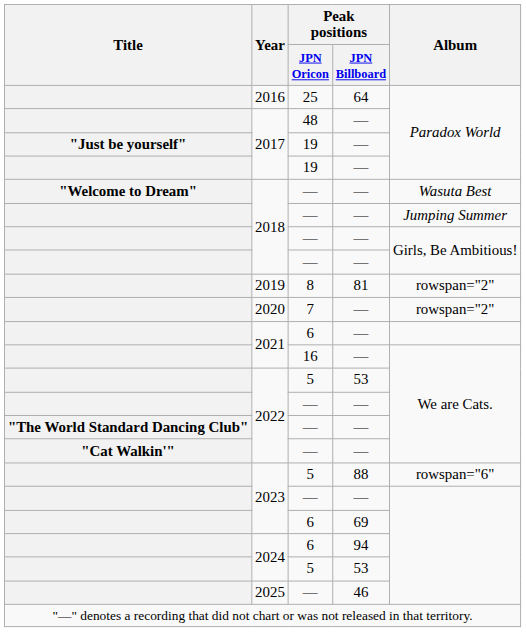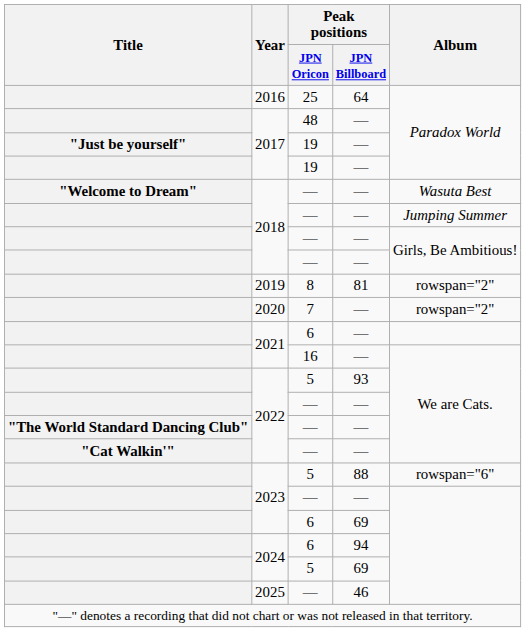 <table class="wikitable plainrowheaders" style="text-align:center;">
 <tr>
 <th scope="col" rowspan="2">Title</th>
 <th scope="col" rowspan="2">Year</th>
 <th scope="col" colspan="2">Peak<br> positions</th>
 <th scope="col" rowspan="2">Album</th>
 </tr>
 <tr>
 <th scope="col" colspan="1"><small><a href='#'>JPN<br>Oricon</a></small><br></th>
 <th scope="col"><small><a href='#'>JPN<br>Billboard</a></small><br></th>
 </tr>
 <tr>
 <th scope="row"></th>
 <td>2016</td>
 <td>25</td>
 <td>64</td>
 <td rowspan="4"><em>Paradox World</em></td>
 </tr>
 <tr>
 <th scope="row"></th>
 <td rowspan="3">2017</td>
 <td>48</td>
 <td>—</td>
 </tr>
 <tr>
 <th scope="row">"Just be yourself"</th>
 <td>19</td>
 <td>—</td>
 </tr>
 <tr>
 <th scope="row"></th>
 <td>19</td>
 <td>—</td>
 </tr>
 <tr>
 <th scope="row">"Welcome to Dream"</th>
 <td rowspan="4">2018</td>
 <td>—</td>
 <td>—</td>
 <td><em>Wasuta Best</em></td>
 </tr>
 <tr>
 <th scope="row"></th>
 <td>—</td>
 <td>—</td>
 <td><em>Jumping Summer</td>
 </tr>
 <tr>
 <th scope="row"></th>
 <td>—</td>
 <td>—</td>
 <td rowspan="2"></em>Girls, Be Ambitious!<em></td>
 </tr>
 <tr>
 <th scope="row"></th>
 <td>—</td>
 <td>—</td>
 </tr>
 <tr>
 <th scope="row"></th>
 <td>2019</td>
 <td>8</td>
 <td>81</td>
 <td>rowspan="2" </td>
 </tr>
 <tr>
 <th scope="row"></th>
 <td>2020</td>
 <td>7</td>
 <td>—</td>
 <td>rowspan="2" </td>
 </tr>
 <tr>
 <th scope="row"></th>
 <td rowspan="2">2021</td>
 <td>6</td>
 <td>—</td>
 </tr>
 <tr>
 <th scope="row"></th>
 <td>16</td>
 <td>—</td>
 <td rowspan="5"></em>We are Cats.<em></td>
 </tr>
 <tr>
 <th scope="row"></th>
 <td rowspan="4">2022</td>
 <td>5</td>
-<td>53</td>
+<td>93</td>
 </tr>
 <tr>
 <th scope="row"></th>
 <td>—</td>
 <td>—</td>
 </tr>
 <tr>
 <th scope="row">"The World Standard Dancing Club"</th>
 <td>—</td>
 <td>—</td>
 </tr>
 <tr>
 <th scope="row">"Cat Walkin'"</th>
 <td>—</td>
 <td>—</td>
 </tr>
 <tr>
 <th scope="row"></th>
 <td rowspan="3">2023</td>
 <td>5</td>
 <td>88</td>
 <td>rowspan="6" </td>
 </tr>
 <tr>
 <th scope="row"></th>
 <td>—</td>
 <td>—</td>
 </tr>
 <tr>
 <th scope="row"></th>
 <td>6</td>
 <td>69</td>
 </tr>
 <tr>
 <th scope="row"></th>
 <td rowspan="2">2024</td>
 <td>6</td>
 <td>94</td>
 </tr>
 <tr>
 <th scope="row"></th>
 <td>5</td>
-<td>53</td>
+<td>69</td>
 </tr>
 <tr>
 <th scope="row"></th>
 <td>2025</td>
 <td>—</td>
 <td>46</td>
 </tr>
 <tr>
 <td align="center" colspan="5" style="font-size:90%">"—" denotes a recording that did not chart or was not released in that territory.</td>
 </tr>
 </table>
